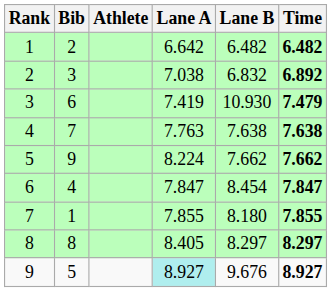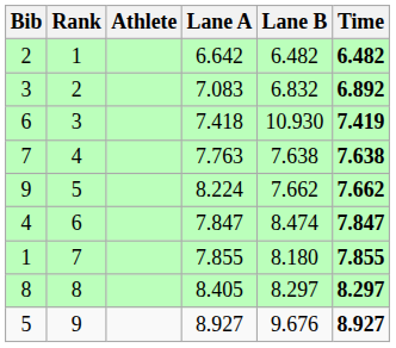 <table class="wikitable sortable" style="text-align:center">
 <tr>
+<th>Bib</th>
 <th>Rank</th>
-<th>Bib</th>
 <th>Athlete</th>
 <th>Lane A</th>
 <th>Lane B</th>
 <th>Time</th>
 </tr>
 <tr bgcolor=bbffbb>
+<td>2</td>
 <td>1</td>
-<td>2</td>
 <td align=left></td>
 <td>6.642</td>
 <td>6.482</td>
 <td><strong>6.482</strong></td>
 </tr>
 <tr bgcolor=bbffbb>
+<td>3</td>
 <td>2</td>
-<td>3</td>
 <td align=left></td>
-<td>7.038</td>
+<td>7.083</td>
 <td>6.832</td>
 <td><strong>6.892</strong></td>
 </tr>
 <tr bgcolor=bbffbb>
+<td>6</td>
 <td>3</td>
-<td>6</td>
 <td align=left></td>
-<td>7.419</td>
+<td>7.418</td>
 <td>10.930</td>
-<td><strong>7.479</strong></td>
+<td><strong>7.419</strong></td>
 </tr>
 <tr bgcolor=bbffbb>
+<td>7</td>
 <td>4</td>
-<td>7</td>
 <td align=left></td>
 <td>7.763</td>
 <td>7.638</td>
 <td><strong>7.638</strong></td>
 </tr>
 <tr bgcolor=bbffbb>
+<td>9</td>
 <td>5</td>
-<td>9</td>
 <td align=left></td>
 <td>8.224</td>
 <td>7.662</td>
 <td><strong>7.662</strong></td>
 </tr>
 <tr bgcolor=bbffbb>
+<td>4</td>
 <td>6</td>
-<td>4</td>
 <td align=left></td>
 <td>7.847</td>
-<td>8.454</td>
+<td>8.474</td>
 <td><strong>7.847</strong></td>
 </tr>
 <tr bgcolor=bbffbb>
+<td>1</td>
 <td>7</td>
-<td>1</td>
 <td align=left></td>
 <td>7.855</td>
 <td>8.180</td>
 <td><strong>7.855</strong></td>
 </tr>
 <tr bgcolor=bbffbb>
 <td>8</td>
 <td>8</td>
 <td align=left></td>
 <td>8.405</td>
 <td>8.297</td>
 <td><strong>8.297</strong></td>
 </tr>
 <tr>
+<td>5</td>
 <td>9</td>
-<td>5</td>
 <td align=left></td>
-<td style="background: paleturquoise;">8.927</td>
+<td>8.927</td>
 <td>9.676</td>
 <td><strong>8.927</strong></td>
 </tr>
 </table>
